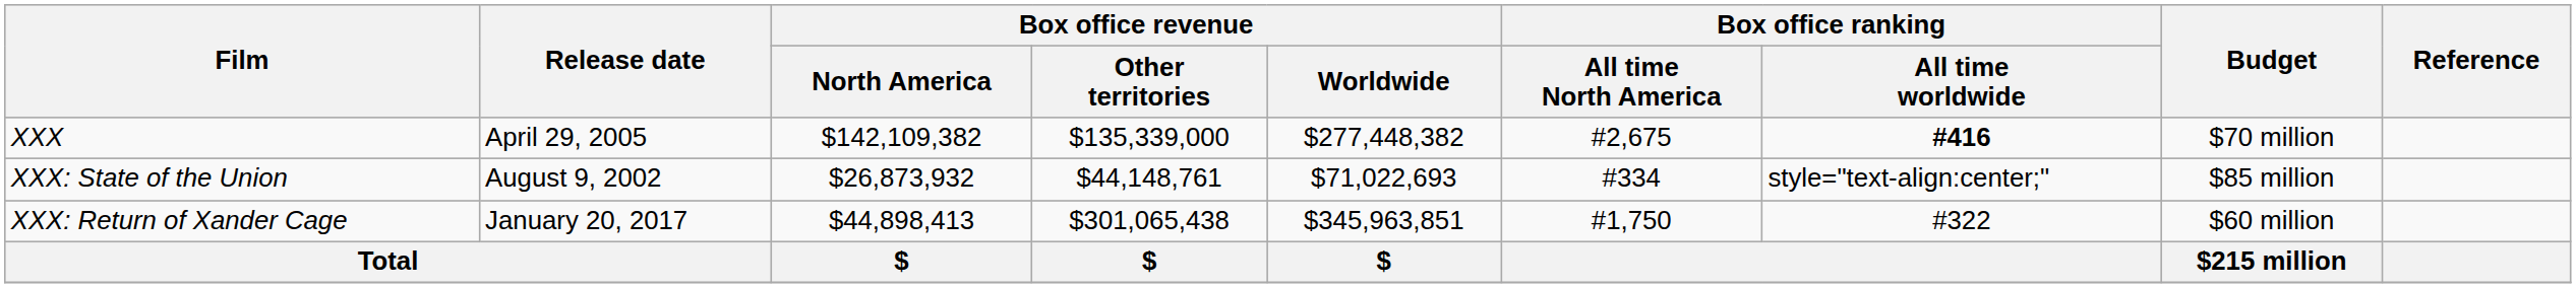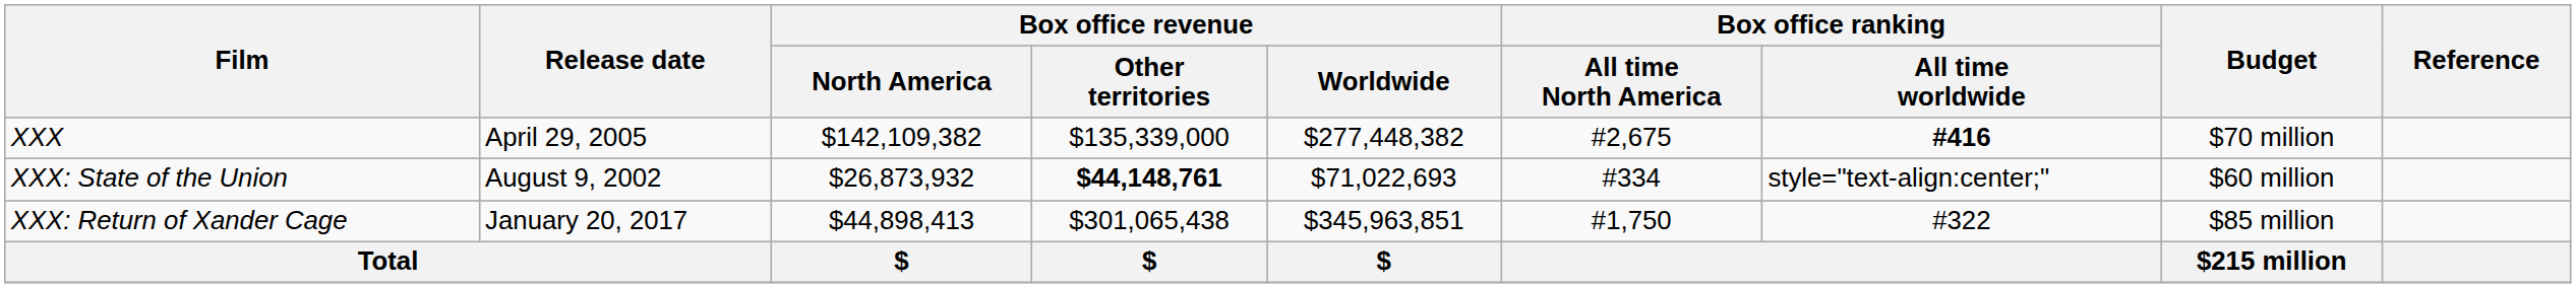 <table class="wikitable" style="width:99%;">
 <tr>
 <th rowspan="2">Film</th>
 <th rowspan="2">Release date</th>
 <th colspan="3">Box office revenue</th>
 <th colspan="2" text="wrap">Box office ranking</th>
 <th rowspan="2">Budget</th>
 <th rowspan="2">Reference</th>
 </tr>
 <tr>
 <th>North America</th>
 <th>Other <br>territories</th>
 <th>Worldwide</th>
 <th>All time <br>North America</th>
 <th>All time <br>worldwide</th>
 </tr>
 <tr>
 <td><em>XXX</em></td>
 <td>April 29, 2005</td>
 <td style="text-align:center;">$142,109,382</td>
 <td style="text-align:center;">$135,339,000</td>
 <td style="text-align:center;">$277,448,382</td>
 <td style="text-align:center;">#2,675</td>
 <td style="text-align:center;"><strong>#416</strong></td>
 <td style="text-align:center;">$70 million</td>
 <td style="text-align:center;"></td>
 </tr>
 <tr>
 <td><em>XXX: State of the Union</em></td>
 <td>August 9, 2002</td>
 <td style="text-align:center;">$26,873,932</td>
-<td style="text-align:center;">$44,148,761</td>
+<td style="text-align:center;"><strong>$44,148,761</strong></td>
 <td style="text-align:center;">$71,022,693</td>
 <td style="text-align:center;">#334</td>
 <td>style="text-align:center;" </td>
-<td style="text-align:center;">$85 million</td>
+<td style="text-align:center;">$60 million</td>
 <td style="text-align:center;"></td>
 </tr>
 <tr>
 <td><em>XXX: Return of Xander Cage</em></td>
 <td>January 20, 2017</td>
 <td style="text-align:center;">$44,898,413</td>
 <td style="text-align:center;">$301,065,438</td>
 <td style="text-align:center;">$345,963,851</td>
 <td style="text-align:center;">#1,750</td>
 <td style="text-align:center;">#322</td>
-<td style="text-align:center;">$60 million</td>
+<td style="text-align:center;">$85 million</td>
 <td style="text-align:center;"></td>
 </tr>
 <tr>
 <th colspan="2">Total</th>
 <th>$</th>
 <th>$</th>
 <th>$</th>
 <th colspan="2"></th>
 <th>$215 million</th>
 <th></th>
 </tr>
 <tr>
 </tr>
 </table>
